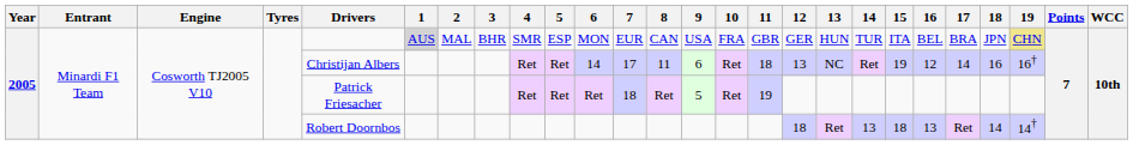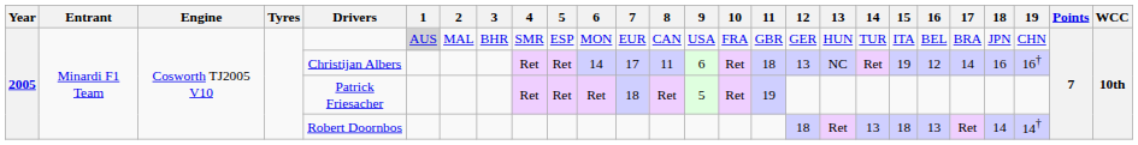 <table class="wikitable" style="text-align:center; font-size:95%">
 <tr>
 <th>Year</th>
 <th>Entrant</th>
 <th>Engine</th>
 <th>Tyres</th>
 <th>Drivers</th>
 <th>1</th>
 <th>2</th>
 <th>3</th>
 <th>4</th>
 <th>5</th>
 <th>6</th>
 <th>7</th>
 <th>8</th>
 <th>9</th>
 <th>10</th>
 <th>11</th>
 <th>12</th>
 <th>13</th>
 <th>14</th>
 <th>15</th>
 <th>16</th>
 <th>17</th>
 <th>18</th>
 <th>19</th>
 <th><a href='#'>Points</a></th>
 <th>WCC</th>
 </tr>
 <tr>
 <th rowspan="4"><a href='#'>2005</a></th>
 <td rowspan="4"><a href='#'>Minardi F1 Team</a></td>
 <td rowspan="4"><a href='#'>Cosworth</a> TJ2005 <a href='#'>V10</a></td>
 <td rowspan="4"></td>
 <td></td>
 <td style="background: lightgrey;"><a href='#'>AUS</a></td>
 <td><a href='#'>MAL</a></td>
 <td><a href='#'>BHR</a></td>
 <td><a href='#'>SMR</a></td>
 <td><a href='#'>ESP</a></td>
 <td><a href='#'>MON</a></td>
 <td><a href='#'>EUR</a></td>
 <td><a href='#'>CAN</a></td>
 <td><a href='#'>USA</a></td>
 <td><a href='#'>FRA</a></td>
 <td><a href='#'>GBR</a></td>
 <td><a href='#'>GER</a></td>
 <td><a href='#'>HUN</a></td>
 <td><a href='#'>TUR</a></td>
 <td><a href='#'>ITA</a></td>
 <td><a href='#'>BEL</a></td>
 <td><a href='#'>BRA</a></td>
 <td><a href='#'>JPN</a></td>
-<td style="background: khaki;"><a href='#'>CHN</a></td>
+<td><a href='#'>CHN</a></td>
 <th rowspan="4">7</th>
 <th rowspan="4">10th</th>
 </tr>
 <tr>
 <td> <a href='#'>Christijan Albers</a></td>
 <td></td>
 <td></td>
 <td></td>
 <td style="background:#EFCFFF;">Ret</td>
 <td style="background:#EFCFFF;">Ret</td>
 <td style="background:#CFCFFF;">14</td>
 <td style="background:#CFCFFF;">17</td>
 <td style="background:#CFCFFF;">11</td>
 <td style="background:#DFFFDF;" align="center">6</td>
 <td style="background:#EFCFFF;">Ret</td>
 <td style="background:#CFCFFF;">18</td>
 <td style="background:#CFCFFF;">13</td>
 <td style="background:#CFCFFF;">NC</td>
 <td style="background:#EFCFFF;">Ret</td>
 <td style="background:#CFCFFF;">19</td>
 <td style="background:#CFCFFF;">12</td>
 <td style="background:#CFCFFF;">14</td>
 <td style="background:#CFCFFF;">16</td>
 <td style="background:#CFCFFF;">16<sup>†</sup></td>
 </tr>
 <tr>
 <td> <a href='#'>Patrick Friesacher</a></td>
 <td></td>
 <td></td>
 <td></td>
 <td style="background:#EFCFFF;" align="center">Ret</td>
 <td style="background:#EFCFFF;" align="center">Ret</td>
 <td style="background:#EFCFFF;" align="center">Ret</td>
 <td style="background:#CFCFFF;" align="center">18</td>
 <td style="background:#EFCFFF;" align="center">Ret</td>
 <td style="background:#DFFFDF;">5</td>
 <td style="background:#EFCFFF;" align="center">Ret</td>
 <td style="background:#CFCFFF;" align="center">19</td>
 <td></td>
 <td></td>
 <td></td>
 <td></td>
 <td></td>
 <td></td>
 <td></td>
 <td></td>
 </tr>
 <tr>
 <td> <a href='#'>Robert Doornbos</a></td>
 <td></td>
 <td></td>
 <td></td>
 <td></td>
 <td></td>
 <td></td>
 <td></td>
 <td></td>
 <td></td>
 <td></td>
 <td></td>
 <td style="background:#CFCFFF;" align="center">18</td>
 <td style="background:#EFCFFF;" align="center">Ret</td>
 <td style="background:#CFCFFF;" align="center">13</td>
 <td style="background:#CFCFFF;" align="center">18</td>
 <td style="background:#CFCFFF;" align="center">13</td>
 <td style="background:#EFCFFF;" align="center">Ret</td>
 <td style="background:#CFCFFF;" align="center">14</td>
 <td style="background:#CFCFFF;" align="center">14<sup>†</sup></td>
 </tr>
 </table>
